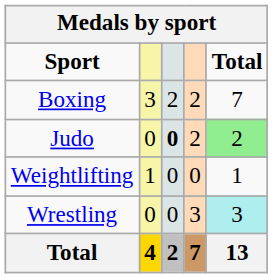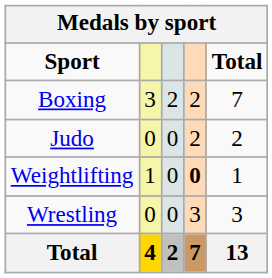 <table class="wikitable" style="font-size:85%; float:right;">
 <tr style="background:#efefef;">
 <th colspan=7><strong>Medals by sport</strong></th>
 </tr>
 <tr align=center>
 <td><strong>Sport</strong></td>
 <td style="background:#f7f6a8;"></td>
 <td style="background:#dce5e5;"></td>
 <td style="background:#ffdab9;"></td>
 <td><strong>Total</strong></td>
 </tr>
 <tr align=center>
 <td><a href='#'>Boxing</a></td>
 <td style="background:#f7f6a8;">3</td>
 <td style="background:#dce5e5;">2</td>
 <td style="background:#ffdab9;">2</td>
 <td>7</td>
 </tr>
 <tr align=center>
 <td><a href='#'>Judo</a></td>
 <td style="background:#f7f6a8;">0</td>
-<td style="background:#dce5e5;"><strong>0</strong></td>
+<td style="background:#dce5e5;">0</td>
 <td style="background:#ffdab9;">2</td>
-<td style="background: lightgreen;">2</td>
+<td>2</td>
 </tr>
 <tr align=center>
 <td><a href='#'>Weightlifting</a></td>
 <td style="background:#f7f6a8;">1</td>
 <td style="background:#dce5e5;">0</td>
-<td style="background:#ffdab9;">0</td>
+<td style="background:#ffdab9;"><strong>0</strong></td>
 <td>1</td>
 </tr>
 <tr align=center>
 <td><a href='#'>Wrestling</a></td>
 <td style="background:#f7f6a8;">0</td>
 <td style="background:#dce5e5;">0</td>
 <td style="background:#ffdab9;">3</td>
-<td style="background: paleturquoise;">3</td>
+<td>3</td>
 </tr>
 <tr align=center>
 <th><strong>Total</strong></th>
 <th style="background:gold;"><strong>4</strong></th>
 <th style="background:silver;"><strong>2</strong></th>
 <th style="background:#c96;"><strong>7</strong></th>
 <th><strong>13</strong></th>
 </tr>
 </table>
